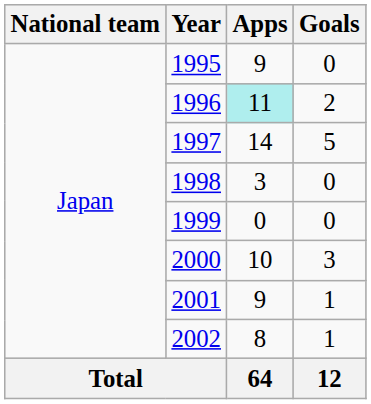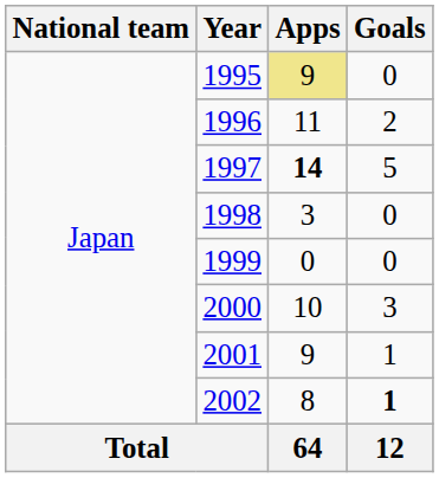 <table class="wikitable" style="text-align:center">
 <tr>
 <th>National team</th>
 <th>Year</th>
 <th>Apps</th>
 <th>Goals</th>
 </tr>
 <tr>
 <td rowspan="8"><a href='#'>Japan</a></td>
 <td><a href='#'>1995</a></td>
-<td>9</td>
+<td style="background: khaki;">9</td>
 <td>0</td>
 </tr>
 <tr>
 <td><a href='#'>1996</a></td>
-<td style="background: paleturquoise;">11</td>
+<td>11</td>
 <td>2</td>
 </tr>
 <tr>
 <td><a href='#'>1997</a></td>
-<td>14</td>
+<td><strong>14</strong></td>
 <td>5</td>
 </tr>
 <tr>
 <td><a href='#'>1998</a></td>
 <td>3</td>
 <td>0</td>
 </tr>
 <tr>
 <td><a href='#'>1999</a></td>
 <td>0</td>
 <td>0</td>
 </tr>
 <tr>
 <td><a href='#'>2000</a></td>
 <td>10</td>
 <td>3</td>
 </tr>
 <tr>
 <td><a href='#'>2001</a></td>
 <td>9</td>
 <td>1</td>
 </tr>
 <tr>
 <td><a href='#'>2002</a></td>
 <td>8</td>
-<td>1</td>
+<td><strong>1</strong></td>
 </tr>
 <tr>
 <th colspan="2">Total</th>
 <th>64</th>
 <th>12</th>
 </tr>
 </table>
